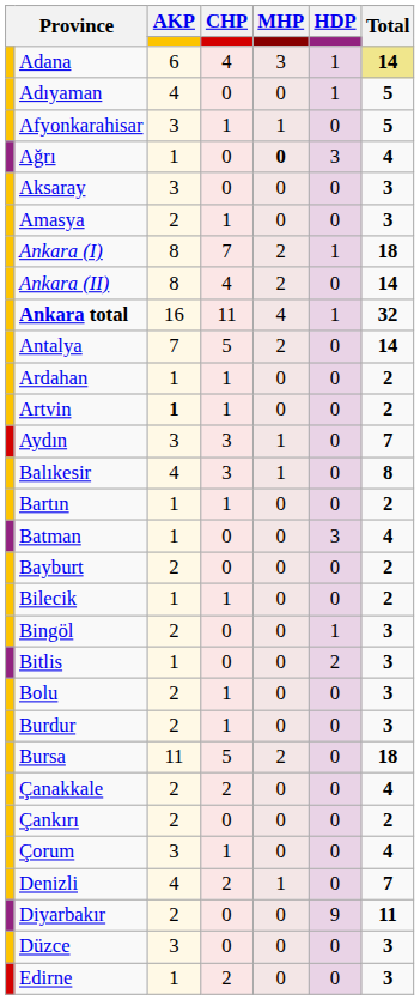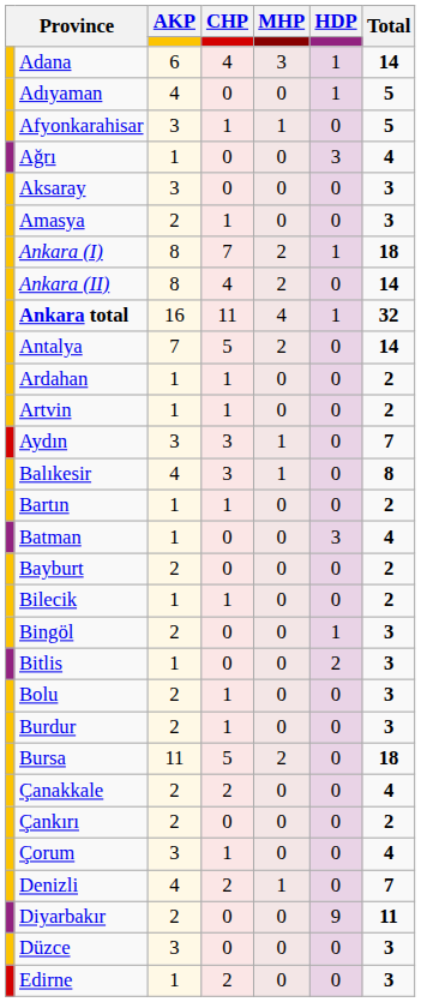 <table class="wikitable" style="text-align:center">
 <tr>
 <th rowspan="2" colspan="2" style="width: 70px;">Province</th>
 <th style="width: 35px;"><a href='#'>AKP</a></th>
 <th style="width: 35px;"><a href='#'>CHP</a></th>
 <th style="width: 35px;"><a href='#'>MHP</a></th>
 <th style="width: 35px;"><a href='#'>HDP</a></th>
 <th rowspan="2">Total</th>
 </tr>
 <tr>
 <th style="background: #fdc400"></th>
 <th style="background: #d40000"></th>
 <th style="background: #870000"></th>
 <th style="background: #922280"></th>
 </tr>
 <tr>
 <td style="background:#FDC400"></td>
 <td style="text-align:left"><a href='#'>Adana</a></td>
 <td style="background:#FFF9E6">6</td>
 <td style="background:#FBE6E6">4</td>
 <td style="background:#F3E6E6">3</td>
 <td style="background:#E9D3E6">1</td>
-<td style="background: khaki;"><strong>14</strong></td>
+<td><strong>14</strong></td>
 </tr>
 <tr>
 <td style="background:#FDC400"></td>
 <td style="text-align:left"><a href='#'>Adıyaman</a></td>
 <td style="background:#FFF9E6">4</td>
 <td style="background:#FBE6E6">0</td>
 <td style="background:#F3E6E6">0</td>
 <td style="background:#E9D3E6">1</td>
 <td><strong>5</strong></td>
 </tr>
 <tr>
 <td style="background:#FDC400"></td>
 <td style="text-align:left"><a href='#'>Afyonkarahisar</a></td>
 <td style="background:#FFF9E6">3</td>
 <td style="background:#FBE6E6">1</td>
 <td style="background:#F3E6E6">1</td>
 <td style="background:#E9D3E6">0</td>
 <td><strong>5</strong></td>
 </tr>
 <tr>
 <td style="background:#922280"></td>
 <td style="text-align:left"><a href='#'>Ağrı</a></td>
 <td style="background:#FFF9E6">1</td>
 <td style="background:#FBE6E6">0</td>
-<td style="background:#F3E6E6"><strong>0</strong></td>
+<td style="background:#F3E6E6">0</td>
 <td style="background:#E9D3E6">3</td>
 <td><strong>4</strong></td>
 </tr>
 <tr>
 <td style="background:#FDC400"></td>
 <td style="text-align:left"><a href='#'>Aksaray</a></td>
 <td style="background:#FFF9E6">3</td>
 <td style="background:#FBE6E6">0</td>
 <td style="background:#F3E6E6">0</td>
 <td style="background:#E9D3E6">0</td>
 <td><strong>3</strong></td>
 </tr>
 <tr>
 <td style="background:#FDC400"></td>
 <td style="text-align:left"><a href='#'>Amasya</a></td>
 <td style="background:#FFF9E6">2</td>
 <td style="background:#FBE6E6">1</td>
 <td style="background:#F3E6E6">0</td>
 <td style="background:#E9D3E6">0</td>
 <td><strong>3</strong></td>
 </tr>
 <tr>
 <td style="background:#FDC400"></td>
 <td style="text-align:left"><em><a href='#'>Ankara (I)</a></em></td>
 <td style="background:#FFF9E6">8</td>
 <td style="background:#FBE6E6">7</td>
 <td style="background:#F3E6E6">2</td>
 <td style="background:#E9D3E6">1</td>
 <td><strong>18</strong></td>
 </tr>
 <tr>
 <td style="background:#FDC400"></td>
 <td style="text-align:left"><em><a href='#'>Ankara (II)</a></em></td>
 <td style="background:#FFF9E6">8</td>
 <td style="background:#FBE6E6">4</td>
 <td style="background:#F3E6E6">2</td>
 <td style="background:#E9D3E6">0</td>
 <td><strong>14</strong></td>
 </tr>
 <tr>
 <td style="background:#FDC400"></td>
 <td style="text-align:left"><strong><a href='#'>Ankara</a> total</strong></td>
 <td style="background:#FFF9E6">16</td>
 <td style="background:#FBE6E6">11</td>
 <td style="background:#F3E6E6">4</td>
 <td style="background:#E9D3E6">1</td>
 <td><strong>32</strong></td>
 </tr>
 <tr>
 <td style="background:#FDC400"></td>
 <td style="text-align:left"><a href='#'>Antalya</a></td>
 <td style="background:#FFF9E6">7</td>
 <td style="background:#FBE6E6">5</td>
 <td style="background:#F3E6E6">2</td>
 <td style="background:#E9D3E6">0</td>
 <td><strong>14</strong></td>
 </tr>
 <tr>
 <td style="background:#FDC400"></td>
 <td style="text-align:left"><a href='#'>Ardahan</a></td>
 <td style="background:#FFF9E6">1</td>
 <td style="background:#FBE6E6">1</td>
 <td style="background:#F3E6E6">0</td>
 <td style="background:#E9D3E6">0</td>
 <td><strong>2</strong></td>
 </tr>
 <tr>
 <td style="background:#FDC400"></td>
 <td style="text-align:left"><a href='#'>Artvin</a></td>
-<td style="background:#FFF9E6"><strong>1</strong></td>
+<td style="background:#FFF9E6">1</td>
 <td style="background:#FBE6E6">1</td>
 <td style="background:#F3E6E6">0</td>
 <td style="background:#E9D3E6">0</td>
 <td><strong>2</strong></td>
 </tr>
 <tr>
 <td style="background:#D40000"></td>
 <td style="text-align:left"><a href='#'>Aydın</a></td>
 <td style="background:#FFF9E6">3</td>
 <td style="background:#FBE6E6">3</td>
 <td style="background:#F3E6E6">1</td>
 <td style="background:#E9D3E6">0</td>
 <td><strong>7</strong></td>
 </tr>
 <tr>
 <td style="background:#FDC400"></td>
 <td style="text-align:left"><a href='#'>Balıkesir</a></td>
 <td style="background:#FFF9E6">4</td>
 <td style="background:#FBE6E6">3</td>
 <td style="background:#F3E6E6">1</td>
 <td style="background:#E9D3E6">0</td>
 <td><strong>8</strong></td>
 </tr>
 <tr>
 <td style="background:#FDC400"></td>
 <td style="text-align:left"><a href='#'>Bartın</a></td>
 <td style="background:#FFF9E6">1</td>
 <td style="background:#FBE6E6">1</td>
 <td style="background:#F3E6E6">0</td>
 <td style="background:#E9D3E6">0</td>
 <td><strong>2</strong></td>
 </tr>
 <tr>
 <td style="background:#922280"></td>
 <td style="text-align:left"><a href='#'>Batman</a></td>
 <td style="background:#FFF9E6">1</td>
 <td style="background:#FBE6E6">0</td>
 <td style="background:#F3E6E6">0</td>
 <td style="background:#E9D3E6">3</td>
 <td><strong>4</strong></td>
 </tr>
 <tr>
 <td style="background:#FDC400"></td>
 <td style="text-align:left"><a href='#'>Bayburt</a></td>
 <td style="background:#FFF9E6">2</td>
 <td style="background:#FBE6E6">0</td>
 <td style="background:#F3E6E6">0</td>
 <td style="background:#E9D3E6">0</td>
 <td><strong>2</strong></td>
 </tr>
 <tr>
 <td style="background:#FDC400"></td>
 <td style="text-align:left"><a href='#'>Bilecik</a></td>
 <td style="background:#FFF9E6">1</td>
 <td style="background:#FBE6E6">1</td>
 <td style="background:#F3E6E6">0</td>
 <td style="background:#E9D3E6">0</td>
 <td><strong>2</strong></td>
 </tr>
 <tr>
 <td style="background:#FDC400"></td>
 <td style="text-align:left"><a href='#'>Bingöl</a></td>
 <td style="background:#FFF9E6">2</td>
 <td style="background:#FBE6E6">0</td>
 <td style="background:#F3E6E6">0</td>
 <td style="background:#E9D3E6">1</td>
 <td><strong>3</strong></td>
 </tr>
 <tr>
 <td style="background:#922280"></td>
 <td style="text-align:left"><a href='#'>Bitlis</a></td>
 <td style="background:#FFF9E6">1</td>
 <td style="background:#FBE6E6">0</td>
 <td style="background:#F3E6E6">0</td>
 <td style="background:#E9D3E6">2</td>
 <td><strong>3</strong></td>
 </tr>
 <tr>
 <td style="background:#FDC400"></td>
 <td style="text-align:left"><a href='#'>Bolu</a></td>
 <td style="background:#FFF9E6">2</td>
 <td style="background:#FBE6E6">1</td>
 <td style="background:#F3E6E6">0</td>
 <td style="background:#E9D3E6">0</td>
 <td><strong>3</strong></td>
 </tr>
 <tr>
 <td style="background:#FDC400"></td>
 <td style="text-align:left"><a href='#'>Burdur</a></td>
 <td style="background:#FFF9E6">2</td>
 <td style="background:#FBE6E6">1</td>
 <td style="background:#F3E6E6">0</td>
 <td style="background:#E9D3E6">0</td>
 <td><strong>3</strong></td>
 </tr>
 <tr>
 <td style="background:#FDC400"></td>
 <td style="text-align:left"><a href='#'>Bursa</a></td>
 <td style="background:#FFF9E6">11</td>
 <td style="background:#FBE6E6">5</td>
 <td style="background:#F3E6E6">2</td>
 <td style="background:#E9D3E6">0</td>
 <td><strong>18</strong></td>
 </tr>
 <tr>
 <td style="background:#FDC400"></td>
 <td style="text-align:left"><a href='#'>Çanakkale</a></td>
 <td style="background:#FFF9E6">2</td>
 <td style="background:#FBE6E6">2</td>
 <td style="background:#F3E6E6">0</td>
 <td style="background:#E9D3E6">0</td>
 <td><strong>4</strong></td>
 </tr>
 <tr>
 <td style="background:#FDC400"></td>
 <td style="text-align:left"><a href='#'>Çankırı</a></td>
 <td style="background:#FFF9E6">2</td>
 <td style="background:#FBE6E6">0</td>
 <td style="background:#F3E6E6">0</td>
 <td style="background:#E9D3E6">0</td>
 <td><strong>2</strong></td>
 </tr>
 <tr>
 <td style="background:#FDC400"></td>
 <td style="text-align:left"><a href='#'>Çorum</a></td>
 <td style="background:#FFF9E6">3</td>
 <td style="background:#FBE6E6">1</td>
 <td style="background:#F3E6E6">0</td>
 <td style="background:#E9D3E6">0</td>
 <td><strong>4</strong></td>
 </tr>
 <tr>
 <td style="background:#FDC400"></td>
 <td style="text-align:left"><a href='#'>Denizli</a></td>
 <td style="background:#FFF9E6">4</td>
 <td style="background:#FBE6E6">2</td>
 <td style="background:#F3E6E6">1</td>
 <td style="background:#E9D3E6">0</td>
 <td><strong>7</strong></td>
 </tr>
 <tr>
 <td style="background:#922280"></td>
 <td style="text-align:left"><a href='#'>Diyarbakır</a></td>
 <td style="background:#FFF9E6">2</td>
 <td style="background:#FBE6E6">0</td>
 <td style="background:#F3E6E6">0</td>
 <td style="background:#E9D3E6">9</td>
 <td><strong>11</strong></td>
 </tr>
 <tr>
 <td style="background:#FDC400"></td>
 <td style="text-align:left"><a href='#'>Düzce</a></td>
 <td style="background:#FFF9E6">3</td>
 <td style="background:#FBE6E6">0</td>
 <td style="background:#F3E6E6">0</td>
 <td style="background:#E9D3E6">0</td>
 <td><strong>3</strong></td>
 </tr>
 <tr>
 <td style="background:#D40000"></td>
 <td style="text-align:left"><a href='#'>Edirne</a></td>
 <td style="background:#FFF9E6">1</td>
 <td style="background:#FBE6E6">2</td>
 <td style="background:#F3E6E6">0</td>
 <td style="background:#E9D3E6">0</td>
 <td><strong>3</strong></td>
 </tr>
 </table>
